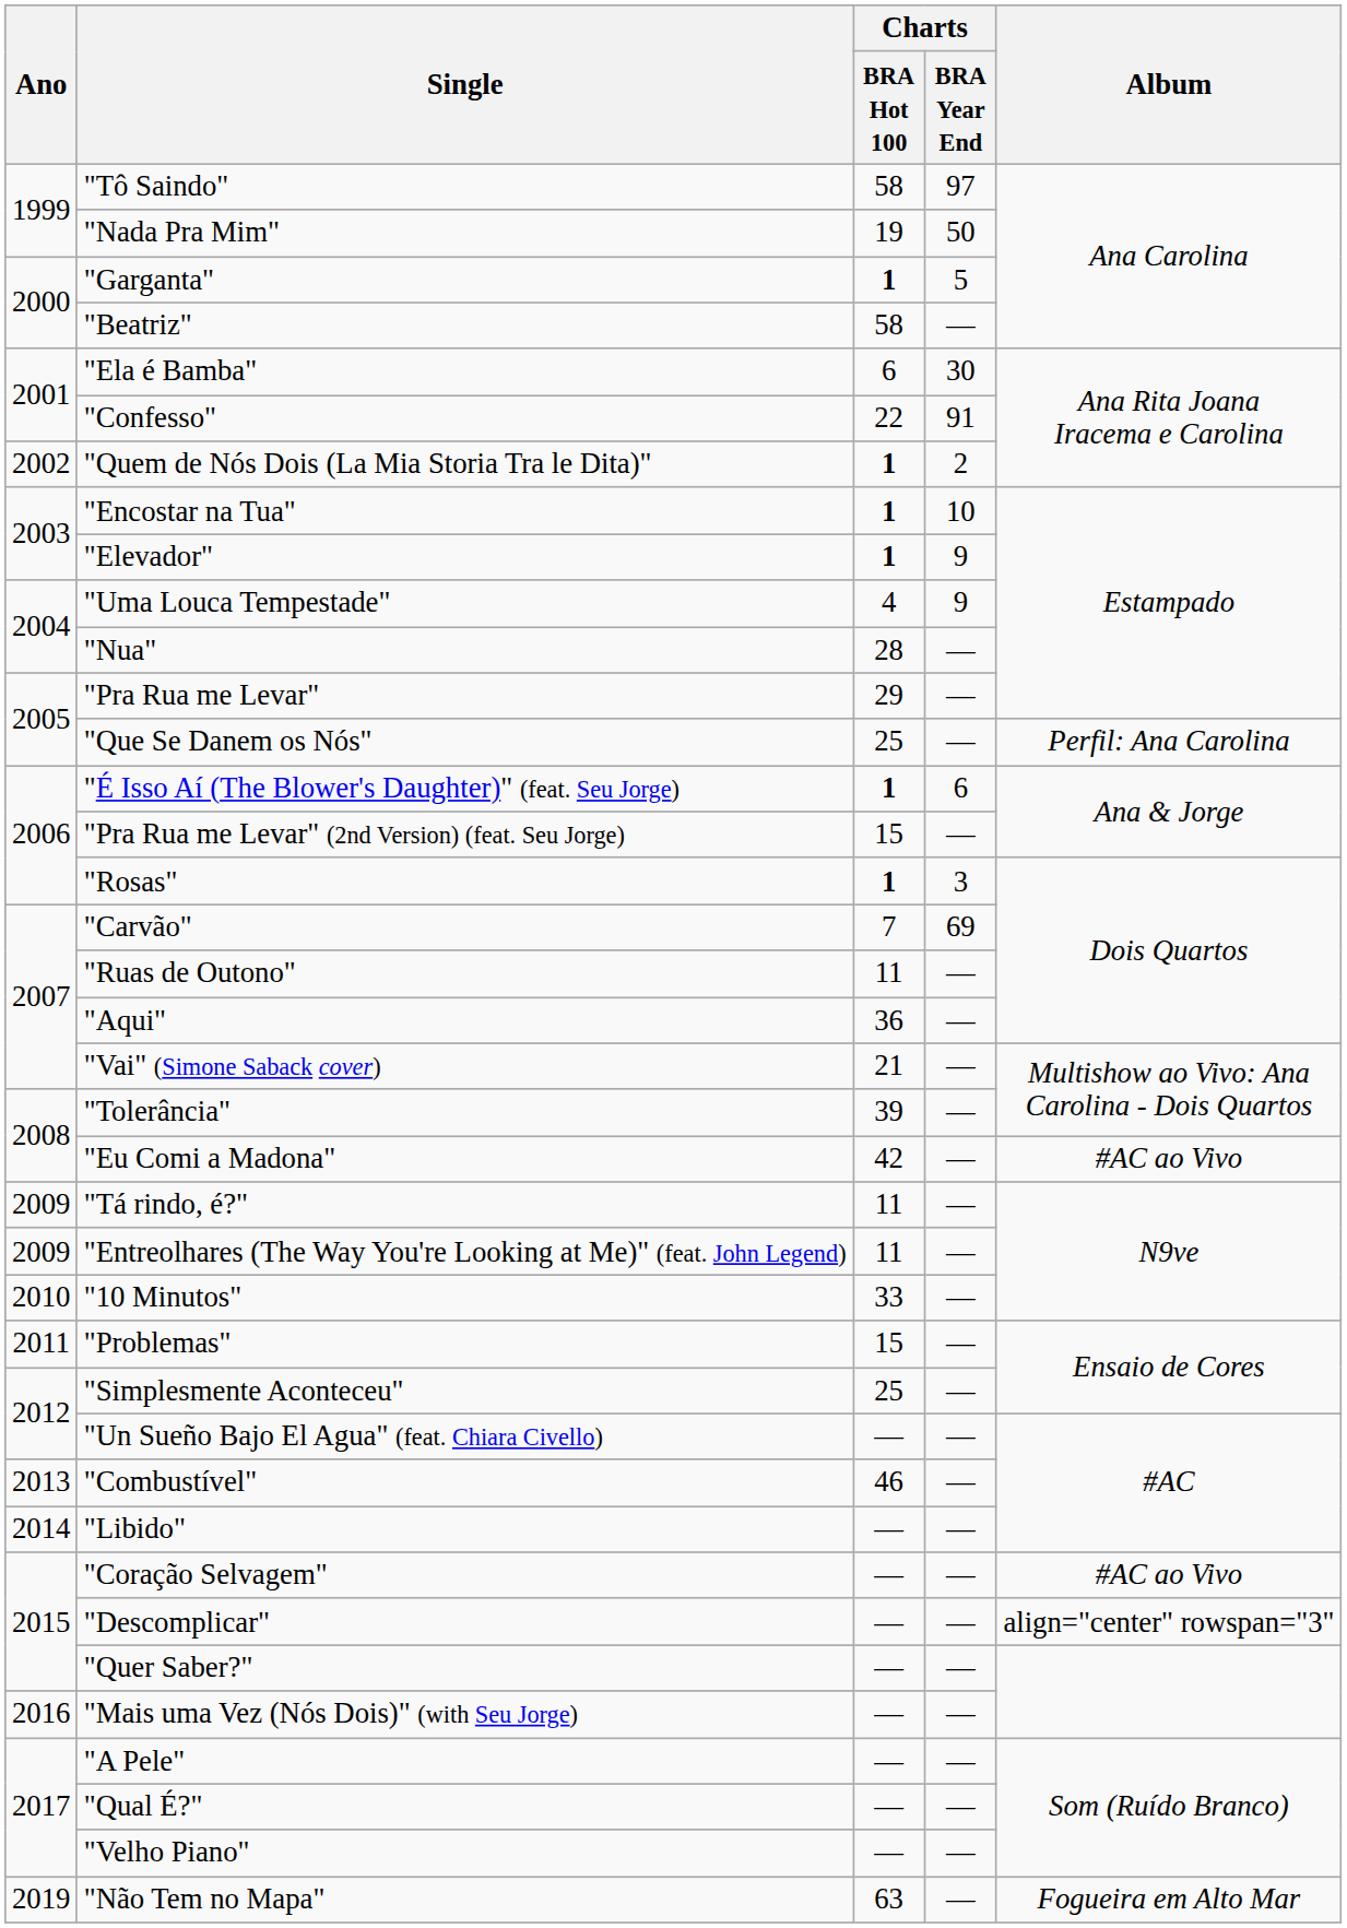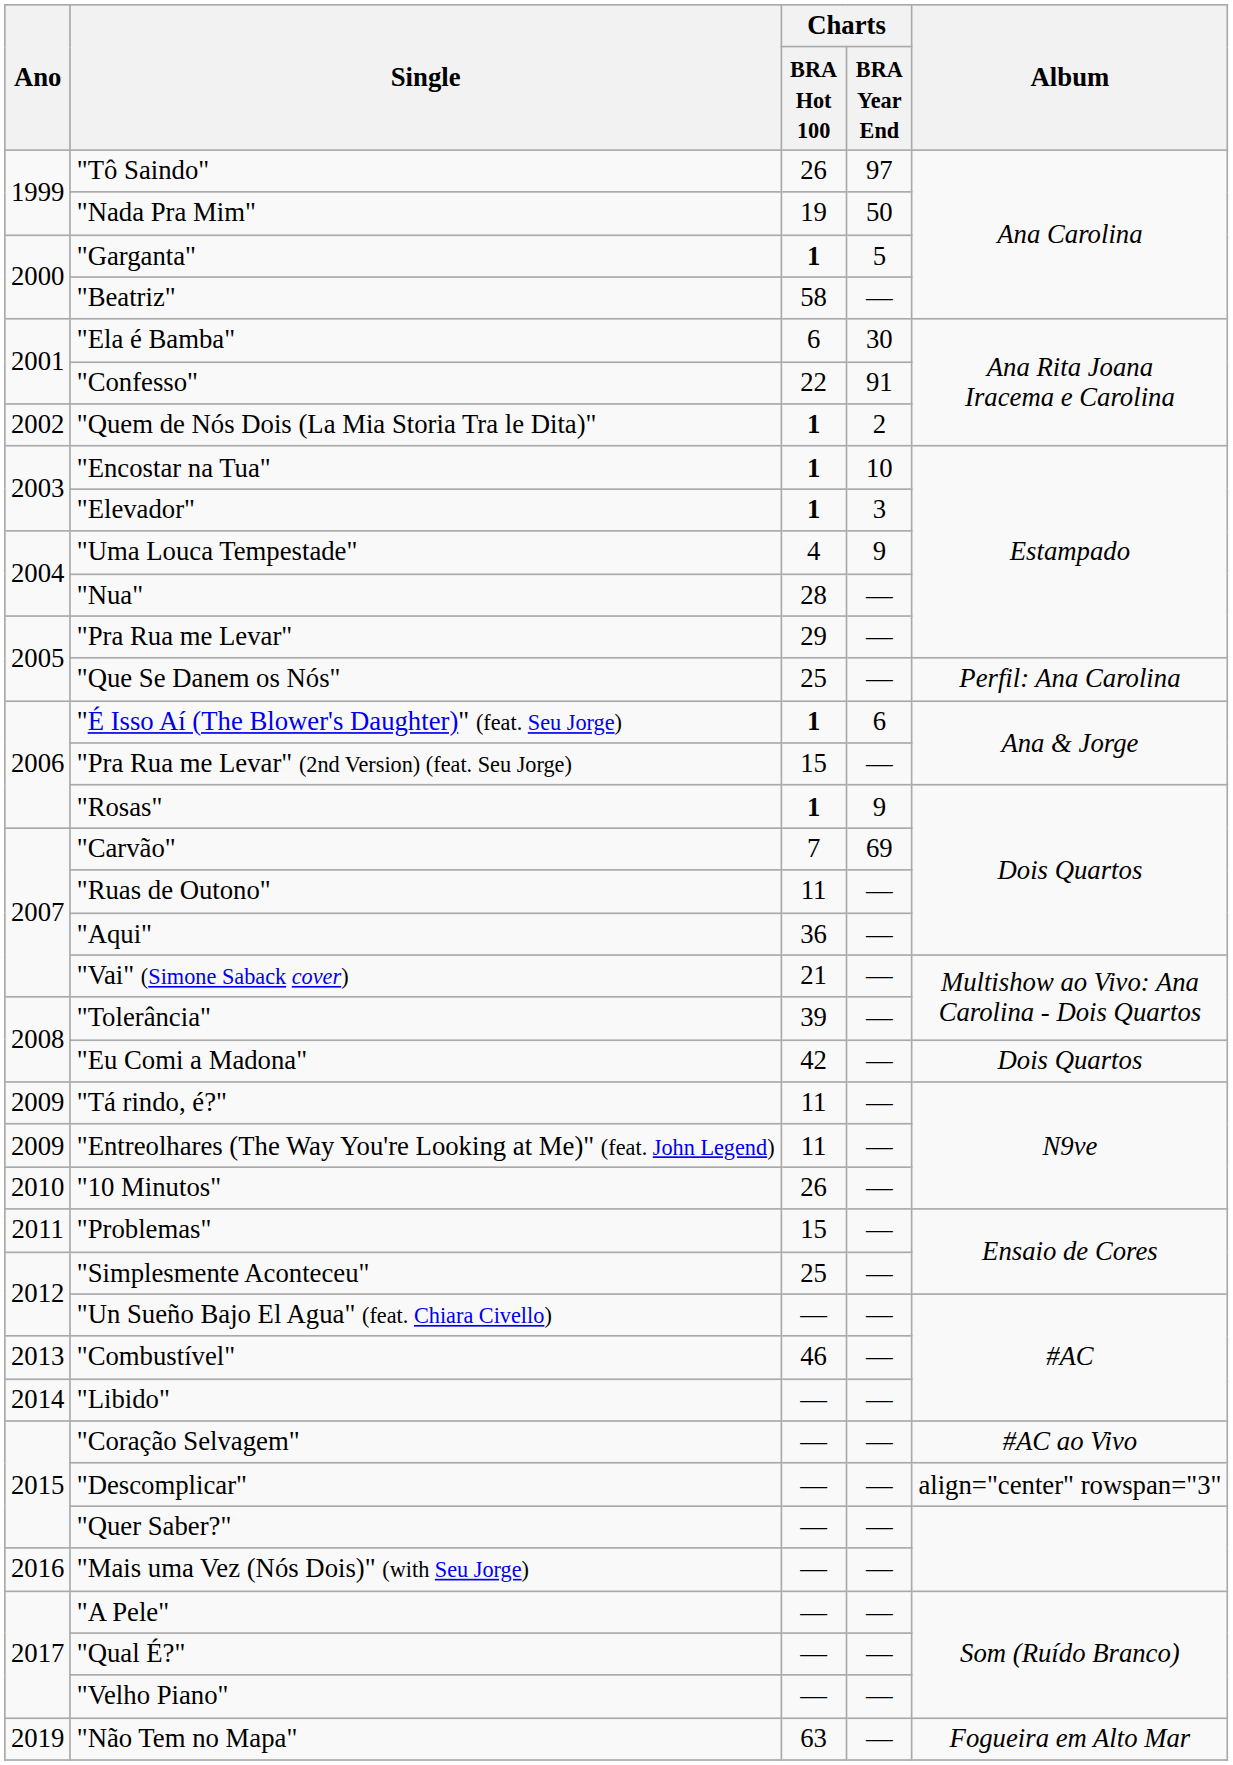 <table class="wikitable" style=text-align:center;>
 <tr>
 <th rowspan="2">Ano</th>
 <th rowspan="2">Single</th>
 <th colspan="2">Charts</th>
 <th rowspan="2">Album</th>
 </tr>
 <tr>
 <th align="center" width="32"><small>BRA Hot 100</small></th>
 <th align="center" width="32"><small>BRA Year End</small></th>
 </tr>
 <tr>
 <td align="center" rowspan="2">1999</td>
 <td align="left">"Tô Saindo"</td>
-<td align="center">58</td>
+<td align="center">26</td>
 <td align="center">97</td>
 <td align="center" rowspan="4"><em>Ana Carolina</em></td>
 </tr>
 <tr>
 <td align="left">"Nada Pra Mim"</td>
 <td align="center">19</td>
 <td align="center">50</td>
 </tr>
 <tr>
 <td align="center" rowspan="2">2000</td>
 <td align="left">"Garganta"</td>
 <td align="center"><strong>1</strong></td>
 <td align="center">5</td>
 </tr>
 <tr>
 <td align="left">"Beatriz"</td>
 <td align="center">58</td>
 <td align="center">—</td>
 </tr>
 <tr>
 <td align="center" rowspan="2">2001</td>
 <td align="left">"Ela é Bamba"</td>
 <td align="center">6</td>
 <td align="center">30</td>
 <td align="center" rowspan="3"><em>Ana Rita Joana <br>Iracema e Carolina</em></td>
 </tr>
 <tr>
 <td align="left">"Confesso"</td>
 <td align="center">22</td>
 <td align="center">91</td>
 </tr>
 <tr>
 <td align="center" rowspan="1">2002</td>
 <td align="left">"Quem de Nós Dois (La Mia Storia Tra le Dita)"</td>
 <td align="center"><strong>1</strong></td>
 <td align="center">2</td>
 </tr>
 <tr>
 <td align="center" rowspan="2">2003</td>
 <td align="left">"Encostar na Tua"</td>
 <td align="center"><strong>1</strong></td>
 <td align="center">10</td>
 <td align="center" rowspan="5"><em>Estampado</em></td>
 </tr>
 <tr>
 <td align="left">"Elevador"</td>
 <td align="center"><strong>1</strong></td>
-<td align="center">9</td>
+<td align="center">3</td>
 </tr>
 <tr>
 <td align="center" rowspan="2">2004</td>
 <td align="left">"Uma Louca Tempestade"</td>
 <td align="center">4</td>
 <td align="center">9</td>
 </tr>
 <tr>
 <td align="left">"Nua"</td>
 <td align="center">28</td>
 <td align="center">—</td>
 </tr>
 <tr>
 <td align="center" rowspan="2">2005</td>
 <td align="left">"Pra Rua me Levar"</td>
 <td align="center">29</td>
 <td align="center">—</td>
 </tr>
 <tr>
 <td align="left">"Que Se Danem os Nós"</td>
 <td align="center">25</td>
 <td align="center">—</td>
 <td align="center" rowspan="1"><em>Perfil: Ana Carolina</em></td>
 </tr>
 <tr>
 <td align="center" rowspan="3">2006</td>
 <td align="left">"<a href='#'>É Isso Aí (The Blower's Daughter)</a>"  <small>(feat. <a href='#'>Seu Jorge</a>)</small></td>
 <td align="center"><strong>1</strong></td>
 <td align="center">6</td>
 <td align="center" rowspan="2"><em>Ana & Jorge</em></td>
 </tr>
 <tr>
 <td align="left">"Pra Rua me Levar" <small>(2nd Version) (feat. Seu Jorge)</small></td>
 <td align="center">15</td>
 <td align="center">—</td>
 </tr>
 <tr>
 <td align="left">"Rosas"</td>
 <td align="center"><strong>1</strong></td>
-<td align="center">3</td>
+<td align="center">9</td>
 <td align="center" rowspan="4"><em>Dois Quartos</em></td>
 </tr>
 <tr>
 <td align="center" rowspan="4">2007</td>
 <td align="left">"Carvão"</td>
 <td align="center">7</td>
 <td align="center">69</td>
 </tr>
 <tr>
 <td align="left">"Ruas de Outono"</td>
 <td align="center">11</td>
 <td align="center">—</td>
 </tr>
 <tr>
 <td align="left">"Aqui"</td>
 <td align="center">36</td>
 <td align="center">—</td>
 </tr>
 <tr>
 <td align="left">"Vai" <small>(<a href='#'>Simone Saback</a> <em><a href='#'>cover</a></em>)</small></td>
 <td align="center">21</td>
 <td align="center">—</td>
 <td align="center" rowspan="2"><em>Multishow ao Vivo: Ana<br> Carolina - Dois Quartos</em></td>
 </tr>
 <tr>
 <td align="center" rowspan="2">2008</td>
 <td align="left">"Tolerância"</td>
 <td align="center">39</td>
 <td align="center">—</td>
 </tr>
 <tr>
 <td align="left">"Eu Comi a Madona"</td>
 <td align="center">42</td>
 <td align="center">—</td>
-<td align="center" rowspan="1"><em>#AC ao Vivo</em></td>
+<td align="center" rowspan="1"><em>Dois Quartos</em></td>
 </tr>
 <tr>
 <td align="center" rowspan="1">2009</td>
 <td align="left">"Tá rindo, é?"</td>
 <td align="center">11</td>
 <td align="center">—</td>
 <td align="center" rowspan="3"><em>N9ve</em></td>
 </tr>
 <tr>
 <td align="center" rowspan="1">2009</td>
 <td align="left">"Entreolhares (The Way You're Looking at Me)"  <small>(feat. <a href='#'>John Legend</a>)</small></td>
 <td align="center">11</td>
 <td align="center">—</td>
 </tr>
 <tr>
 <td align="center" rowspan="1">2010</td>
 <td align="left">"10 Minutos"</td>
-<td align="center">33</td>
+<td align="center">26</td>
 <td align="center">—</td>
 </tr>
 <tr>
 <td align="center" rowspan="1">2011</td>
 <td align="left">"Problemas"</td>
 <td align="center">15</td>
 <td align="center">—</td>
 <td align="center" rowspan="2"><em>Ensaio de Cores</em></td>
 </tr>
 <tr>
 <td align="center" rowspan="2">2012</td>
 <td align="left">"Simplesmente Aconteceu"</td>
 <td align="center">25</td>
 <td align="center">—</td>
 </tr>
 <tr>
 <td align="left">"Un Sueño Bajo El Agua" <small>(feat. <a href='#'>Chiara Civello</a>)</small></td>
 <td align="center">—</td>
 <td align="center">—</td>
 <td align="center" rowspan="3"><em>#AC</em></td>
 </tr>
 <tr>
 <td align="center" rowspan="1">2013</td>
 <td align="left">"Combustível"</td>
 <td align="center">46</td>
 <td align="center">—</td>
 </tr>
 <tr>
 <td align="center" rowspan="1">2014</td>
 <td align="left">"Libido"</td>
 <td align="center">—</td>
 <td align="center">—</td>
 </tr>
 <tr>
 <td align="center" rowspan="3">2015</td>
 <td align="left">"Coração Selvagem"</td>
 <td align="center">—</td>
 <td align="center">—</td>
 <td align="center" rowspan="1"><em>#AC ao Vivo</em></td>
 </tr>
 <tr>
 <td align="left">"Descomplicar"</td>
 <td align="center">—</td>
 <td align="center">—</td>
 <td>align="center" rowspan="3" </td>
 </tr>
 <tr>
 <td align="left">"Quer Saber?"</td>
 <td align="center">—</td>
 <td align="center">—</td>
 </tr>
 <tr>
 <td align="center" rowspan="1">2016</td>
 <td align="left">"Mais uma Vez (Nós Dois)" <small>(with <a href='#'>Seu Jorge</a>)</small></td>
 <td align="center">—</td>
 <td align="center">—</td>
 </tr>
 <tr>
 <td align="center" rowspan="3">2017</td>
 <td align="left">"A Pele"</td>
 <td align="center">—</td>
 <td align="center">—</td>
 <td align="center" rowspan="3"><em>Som (Ruído Branco)</em></td>
 </tr>
 <tr>
 <td align="left">"Qual É?"</td>
 <td align="center">—</td>
 <td align="center">—</td>
 </tr>
 <tr>
 <td align="left">"Velho Piano"</td>
 <td align="center">—</td>
 <td align="center">—</td>
 </tr>
 <tr>
 <td align="center" rowspan="1">2019</td>
 <td align="left">"Não Tem no Mapa"</td>
 <td align="center">63</td>
 <td align="center">—</td>
 <td align="center" rowspan="1"><em>Fogueira em Alto Mar</em></td>
 </tr>
 </table>
